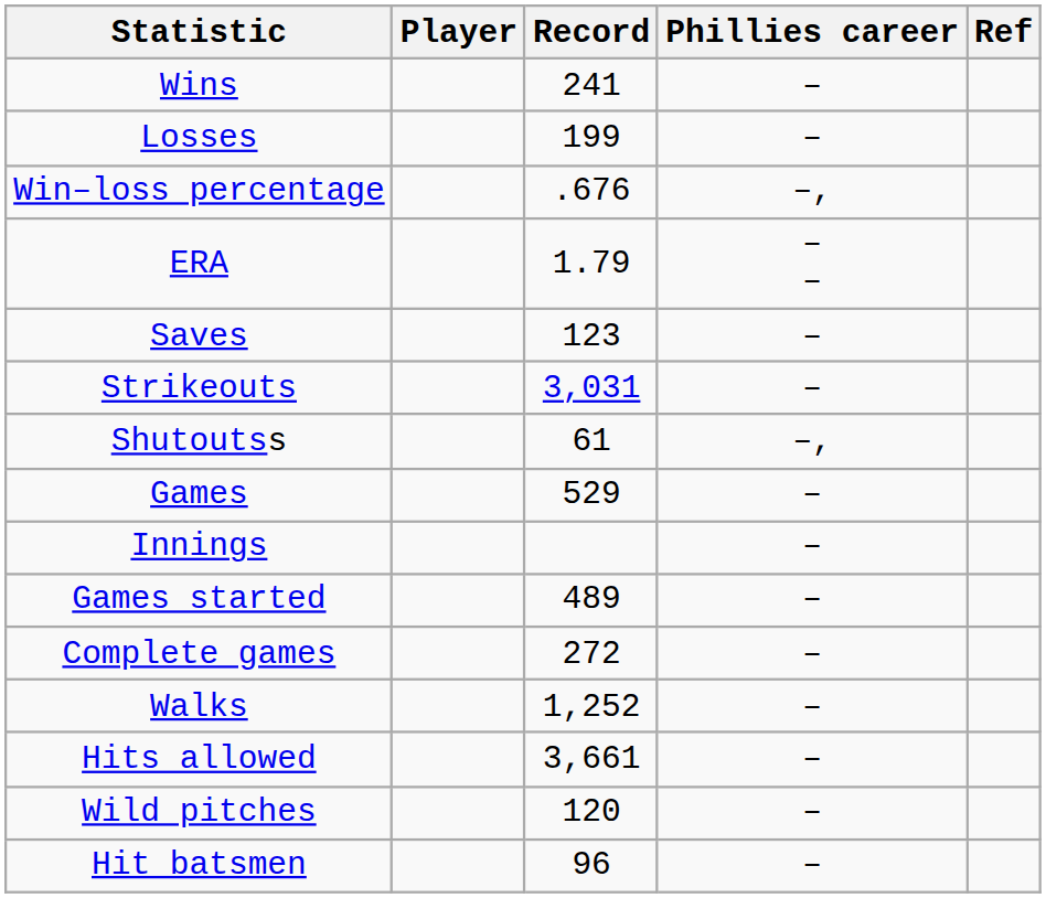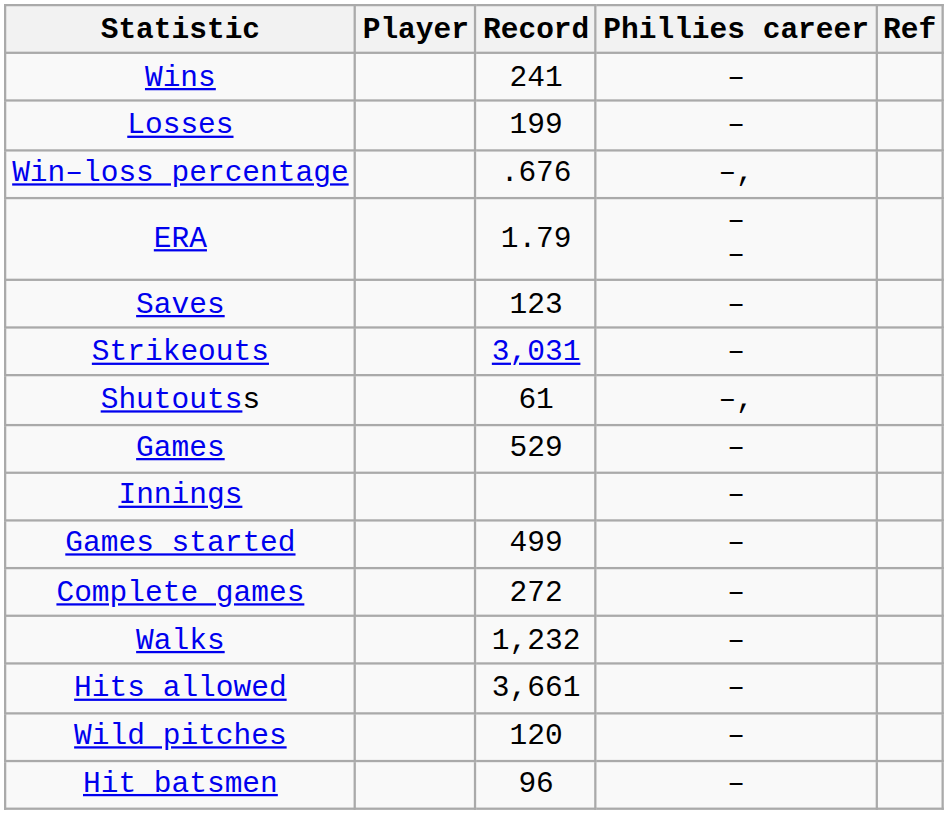 <table class="wikitable sortable" style="text-align:center">
 <tr>
 <th>Statistic</th>
 <th>Player</th>
 <th class="unsortable">Record</th>
 <th>Phillies career</th>
 <th class="unsortable">Ref</th>
 </tr>
 <tr>
 <td><a href='#'>Wins</a></td>
 <td></td>
 <td>241</td>
 <td>–</td>
 <td></td>
 </tr>
 <tr>
 <td><a href='#'>Losses</a></td>
 <td></td>
 <td>199</td>
 <td>–</td>
 <td></td>
 </tr>
 <tr>
 <td><a href='#'>Win–loss percentage</a></td>
 <td></td>
 <td>.676</td>
 <td>–, </td>
 <td></td>
 </tr>
 <tr>
 <td><a href='#'>ERA</a></td>
 <td></td>
 <td>1.79</td>
 <td>–<br>–</td>
 <td></td>
 </tr>
 <tr>
 <td><a href='#'>Saves</a></td>
 <td></td>
 <td>123</td>
 <td>–</td>
 <td></td>
 </tr>
 <tr>
 <td><a href='#'>Strikeouts</a></td>
 <td></td>
 <td><a href='#'>3,031</a></td>
 <td>–</td>
 <td></td>
 </tr>
 <tr>
 <td><a href='#'>Shutouts</a>s</td>
 <td></td>
 <td>61</td>
 <td>–, </td>
 <td></td>
 </tr>
 <tr>
 <td><a href='#'>Games</a></td>
 <td></td>
 <td>529</td>
 <td>–</td>
 <td></td>
 </tr>
 <tr>
 <td><a href='#'>Innings</a></td>
 <td></td>
 <td></td>
 <td>–</td>
 <td></td>
 </tr>
 <tr>
 <td><a href='#'>Games started</a></td>
 <td></td>
-<td>489</td>
+<td>499</td>
 <td>–</td>
 <td></td>
 </tr>
 <tr>
 <td><a href='#'>Complete games</a></td>
 <td></td>
 <td>272</td>
 <td>–</td>
 <td></td>
 </tr>
 <tr>
 <td><a href='#'>Walks</a></td>
 <td></td>
-<td>1,252</td>
+<td>1,232</td>
 <td>–</td>
 <td></td>
 </tr>
 <tr>
 <td><a href='#'>Hits allowed</a></td>
 <td></td>
 <td>3,661</td>
 <td>–</td>
 <td></td>
 </tr>
 <tr>
 <td><a href='#'>Wild pitches</a></td>
 <td></td>
 <td>120</td>
 <td>–</td>
 <td></td>
 </tr>
 <tr>
 <td><a href='#'>Hit batsmen</a></td>
 <td></td>
 <td>96</td>
 <td>–</td>
 <td></td>
 </tr>
 </table>
